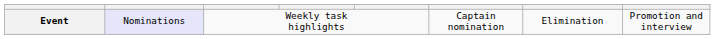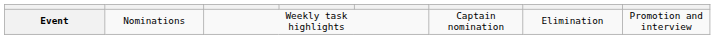 <table class="wikitable" style="text-align:center; font-size:89%; line-height:13px;">
 <tr>
 <th style="width: 8%;"></th>
 <th style="width: 6%;"></th>
 <th style="width: 6%;"></th>
 <th style="width: 6%;"></th>
 <th style="width: 6%;"></th>
 <th style="width: 6%;"></th>
 <th style="width: 6%;"></th>
 <th style="width: 6%;"></th>
 </tr>
 <tr>
 <th>Event</th>
-<td style="background: lavender;">Nominations</td>
+<td>Nominations</td>
 <td colspan="3">Weekly task <br> highlights</td>
 <td>Captain nomination</td>
 <td>Elimination</td>
 <td>Promotion and interview</td>
 </tr>
 </table>
